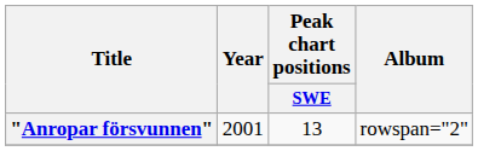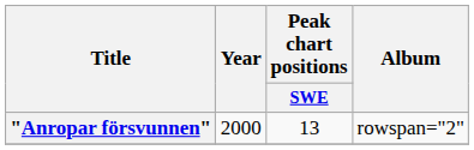 <table class="wikitable plainrowheaders" style="text-align:center;">
 <tr>
 <th scope="col" rowspan="2">Title</th>
 <th scope="col" rowspan="2">Year</th>
 <th scope="col" colspan="1">Peak chart positions</th>
 <th scope="col" rowspan="2">Album</th>
 </tr>
 <tr>
 <th scope="col" style="width:3em;font-size:85%;"><a href='#'>SWE</a></th>
 </tr>
 <tr>
 <th scope="row">"<a href='#'>Anropar försvunnen</a>"</th>
-<td>2001</td>
+<td>2000</td>
 <td>13</td>
 <td>rowspan="2" </td>
 </tr>
 <tr>
 </tr>
 </table>
